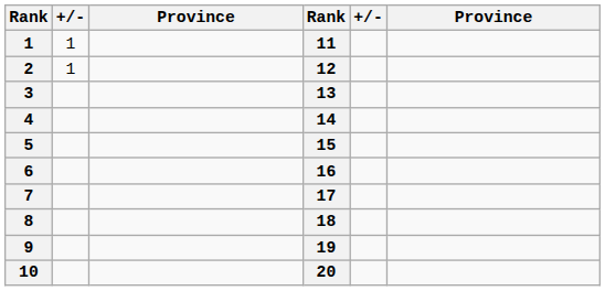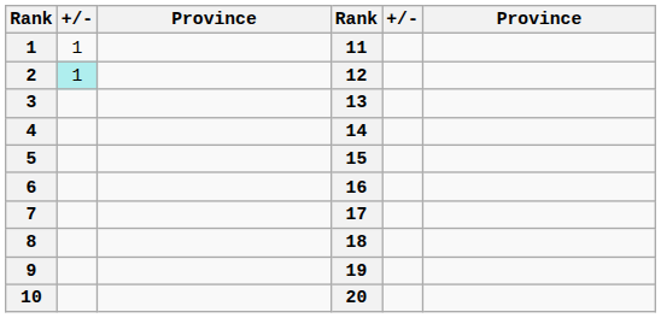 <table class="wikitable" style="font-size: 85%">
 <tr>
 <th>Rank</th>
 <th>+/-</th>
 <th width="140px">Province</th>
 <th>Rank</th>
 <th>+/-</th>
 <th width="140px">Province</th>
 </tr>
 <tr>
 <th>1</th>
 <td align=center> 1</td>
 <td></td>
 <th>11</th>
 <td align=center></td>
 <td></td>
 </tr>
 <tr>
 <th>2</th>
-<td align=center> 1</td>
+<td align=center style="background: paleturquoise;"> 1</td>
 <td></td>
 <th>12</th>
 <td align=center></td>
 <td></td>
 </tr>
 <tr>
 <th>3</th>
 <td align=center></td>
 <td></td>
 <th>13</th>
 <td align=center></td>
 <td></td>
 </tr>
 <tr>
 <th>4</th>
 <td align=center></td>
 <td></td>
 <th>14</th>
 <td align=center></td>
 <td></td>
 </tr>
 <tr>
 <th>5</th>
 <td align=center></td>
 <td></td>
 <th>15</th>
 <td align=center></td>
 <td></td>
 </tr>
 <tr>
 <th>6</th>
 <td align=center></td>
 <td></td>
 <th>16</th>
 <td align=center></td>
 <td></td>
 </tr>
 <tr>
 <th>7</th>
 <td align=center></td>
 <td></td>
 <th>17</th>
 <td align=center></td>
 <td></td>
 </tr>
 <tr>
 <th>8</th>
 <td align=center></td>
 <td></td>
 <th>18</th>
 <td align=center></td>
 <td></td>
 </tr>
 <tr>
 <th>9</th>
 <td align=center></td>
 <td></td>
 <th>19</th>
 <td align=center></td>
 <td></td>
 </tr>
 <tr>
 <th>10</th>
 <td align=center></td>
 <td></td>
 <th>20</th>
 <td align=center></td>
 <td></td>
 </tr>
 </table>
